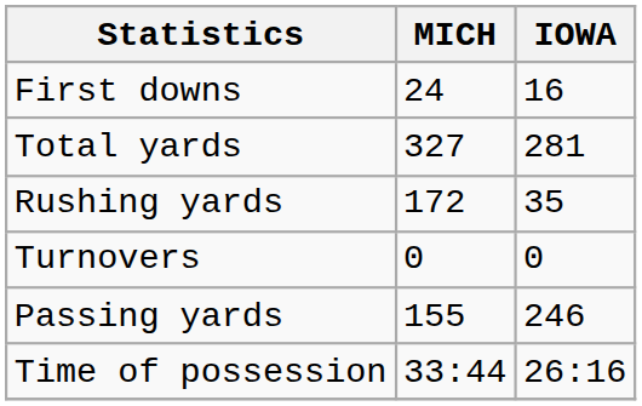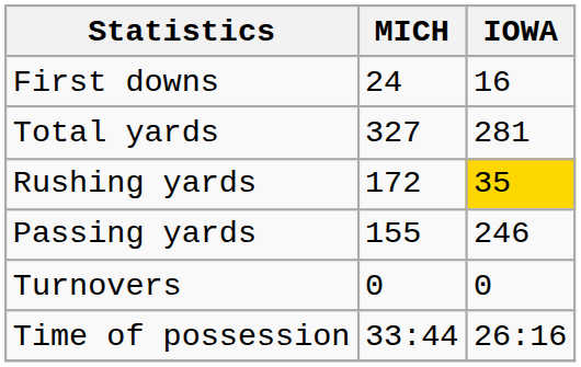 <table class="wikitable">
 <tr>
 <th>Statistics</th>
 <th>MICH</th>
 <th>IOWA</th>
 </tr>
 <tr>
 <td>First downs</td>
 <td>24</td>
 <td>16</td>
 </tr>
 <tr>
 <td>Total yards</td>
 <td>327</td>
 <td>281</td>
 </tr>
 <tr>
 <td>Rushing yards</td>
 <td>172</td>
-<td>35</td>
+<td style="background: gold;">35</td>
+</tr>
+<tr>
+<td>Passing yards</td>
+<td>155</td>
+<td>246</td>
 </tr>
 <tr>
 <td>Turnovers</td>
 <td>0</td>
 <td>0</td>
-</tr>
-<tr>
-<td>Passing yards</td>
-<td>155</td>
-<td>246</td>
 </tr>
 <tr>
 <td>Time of possession</td>
 <td>33:44</td>
 <td>26:16</td>
 </tr>
 <tr>
 </tr>
 </table>
